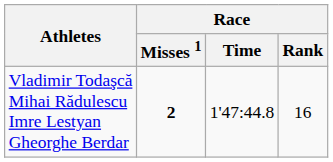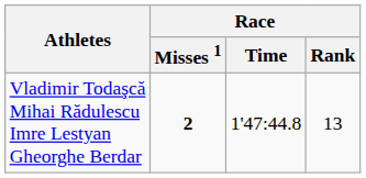 <table class="wikitable" border="1" style="font-size:90%">
 <tr>
 <th rowspan=2>Athletes</th>
 <th colspan=3>Race</th>
 </tr>
 <tr>
 <th>Misses <sup>1</sup></th>
 <th>Time</th>
 <th>Rank</th>
 </tr>
 <tr>
 <td><a href='#'>Vladimir Todaşcă</a><br><a href='#'>Mihai Rădulescu</a><br><a href='#'>Imre Lestyan</a><br><a href='#'>Gheorghe Berdar</a></td>
 <td align=center><strong>2</strong></td>
 <td align=center>1'47:44.8</td>
-<td align=center>16</td>
+<td align=center>13</td>
 </tr>
 </table>
